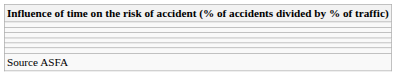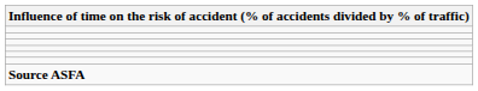 <table class="wikitable">
 <tr>
 <th>Influence of time on the risk of accident (% of accidents divided by % of traffic)</th>
 </tr>
 <tr>
 <td></td>
 </tr>
 <tr>
 <td></td>
 </tr>
 <tr>
 <td></td>
 </tr>
 <tr>
 <td></td>
 </tr>
 <tr>
 <td></td>
 </tr>
 <tr>
 <td></td>
 </tr>
 <tr>
-<td>Source ASFA</td>
+<td><strong>Source ASFA</strong></td>
 </tr>
 </table>
